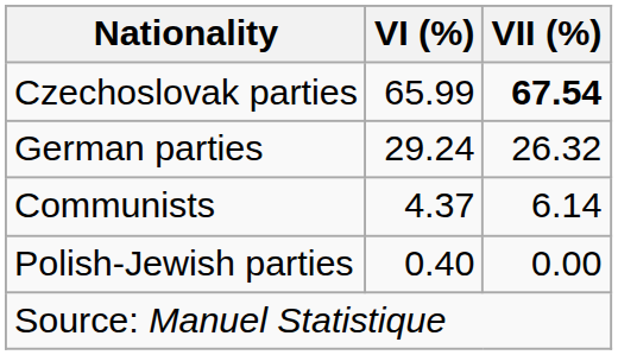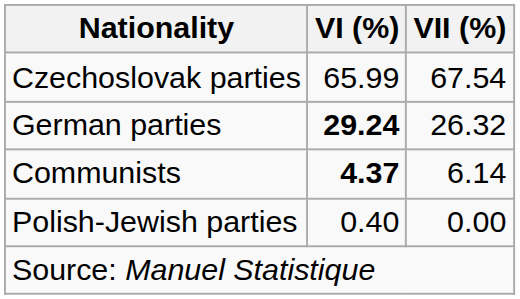 <table class=wikitable style=text-align:right>
 <tr>
 <th>Nationality</th>
 <th>VI (%)</th>
 <th>VII (%)</th>
 </tr>
 <tr>
 <td align=left>Czechoslovak parties</td>
 <td>65.99</td>
-<td><strong>67.54</strong></td>
+<td>67.54</td>
 </tr>
 <tr>
 <td align=left>German parties</td>
-<td>29.24</td>
+<td><strong>29.24</strong></td>
 <td>26.32</td>
 </tr>
 <tr>
 <td align=left>Communists</td>
-<td>4.37</td>
+<td><strong>4.37</strong></td>
 <td>6.14</td>
 </tr>
 <tr>
 <td align=left>Polish-Jewish parties</td>
 <td>0.40</td>
 <td>0.00</td>
 </tr>
 <tr>
 <td align=left colspan=3>Source: <em>Manuel Statistique</em></td>
 </tr>
 </table>
